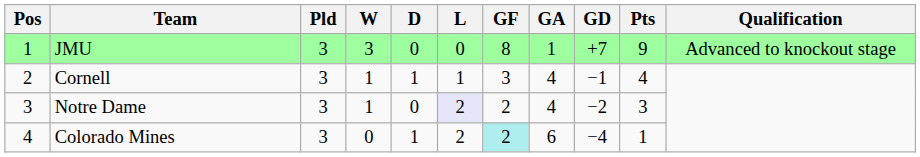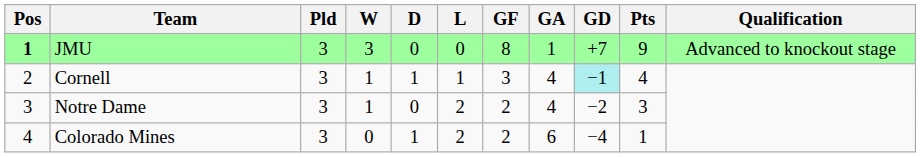 <table class="wikitable" style="text-align:center; margin: 1em auto">
 <tr>
 <th style=width:2em>Pos</th>
 <th style=width:13em>Team</th>
 <th style=width:2em>Pld</th>
 <th style=width:2em>W</th>
 <th style=width:2em>D</th>
 <th style=width:2em>L</th>
 <th style=width:2em>GF</th>
 <th style=width:2em>GA</th>
 <th style=width:2em>GD</th>
 <th style=width:2em>Pts</th>
 <th style=width:13em>Qualification</th>
 </tr>
 <tr bgcolor="#9eff9e">
-<td>1</td>
+<td><strong>1</strong></td>
 <td style="text-align:left">JMU</td>
 <td>3</td>
 <td>3</td>
 <td>0</td>
 <td>0</td>
 <td>8</td>
 <td>1</td>
 <td>+7</td>
 <td>9</td>
 <td>Advanced to knockout stage</td>
 </tr>
 <tr>
 <td>2</td>
 <td style="text-align:left">Cornell</td>
 <td>3</td>
 <td>1</td>
 <td>1</td>
 <td>1</td>
 <td>3</td>
 <td>4</td>
-<td>−1</td>
+<td style="background: paleturquoise;">−1</td>
 <td>4</td>
 <td rowspan="3"></td>
 </tr>
 <tr>
 <td>3</td>
 <td style="text-align:left">Notre Dame</td>
 <td>3</td>
 <td>1</td>
 <td>0</td>
-<td style="background: lavender;">2</td>
+<td>2</td>
 <td>2</td>
 <td>4</td>
 <td>−2</td>
 <td>3</td>
 </tr>
 <tr>
 <td>4</td>
 <td style="text-align:left">Colorado Mines</td>
 <td>3</td>
 <td>0</td>
 <td>1</td>
 <td>2</td>
-<td style="background: paleturquoise;">2</td>
+<td>2</td>
 <td>6</td>
 <td>−4</td>
 <td>1</td>
 </tr>
 </table>
